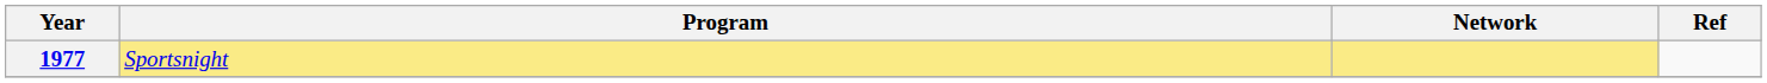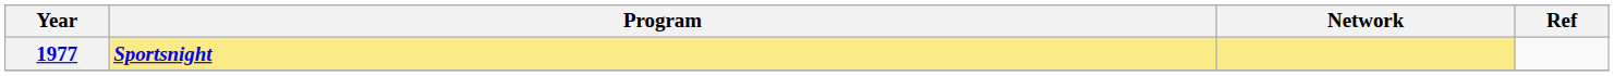 <table class="wikitable sortable">
 <tr style="background:#bebebe;">
 <th scope="col" style="width:1%;">Year</th>
 <th scope="col" style="width:16%;">Program</th>
 <th scope="col" style="width:4%;">Network</th>
 <th scope="col" style="width:1%;" class="unsortable">Ref</th>
 </tr>
 <tr>
 <th scope="row" style="text-align:center"><a href='#'>1977</a></th>
-<td style="background:#FAEB86"><em><a href='#'>Sportsnight</a></em></td>
+<td style="background:#FAEB86"><strong><em><a href='#'>Sportsnight</a></em></strong></td>
 <td style="background:#FAEB86"></td>
 <td></td>
 </tr>
 <tr>
 </tr>
 </table>
